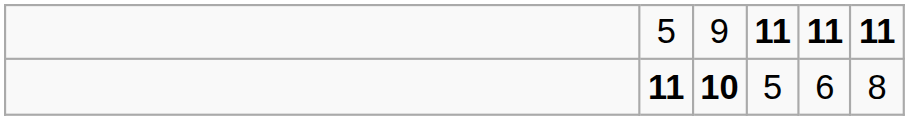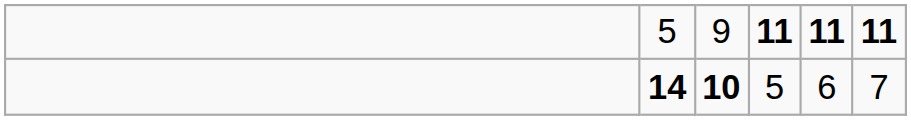 <table class="wikitable">
 <tr>
 <td style="width:18em"><strong></strong></td>
 <td align=center style="width:1em">5</td>
 <td align=center style="width:1em">9</td>
 <td align=center style="width:1em"><strong>11</strong></td>
 <td align=center style="width:1em"><strong>11</strong></td>
 <td align=center style="width:1em"><strong>11</strong></td>
 </tr>
 <tr>
 <td style="width:18em"></td>
-<td align=center style="width:1em"><strong>11</strong></td>
+<td align=center style="width:1em"><strong>14</strong></td>
 <td align=center style="width:1em"><strong>10</strong></td>
 <td align=center style="width:1em">5</td>
 <td align=center style="width:1em">6</td>
-<td align=center style="width:1em">8</td>
+<td align=center style="width:1em">7</td>
 </tr>
 </table>
